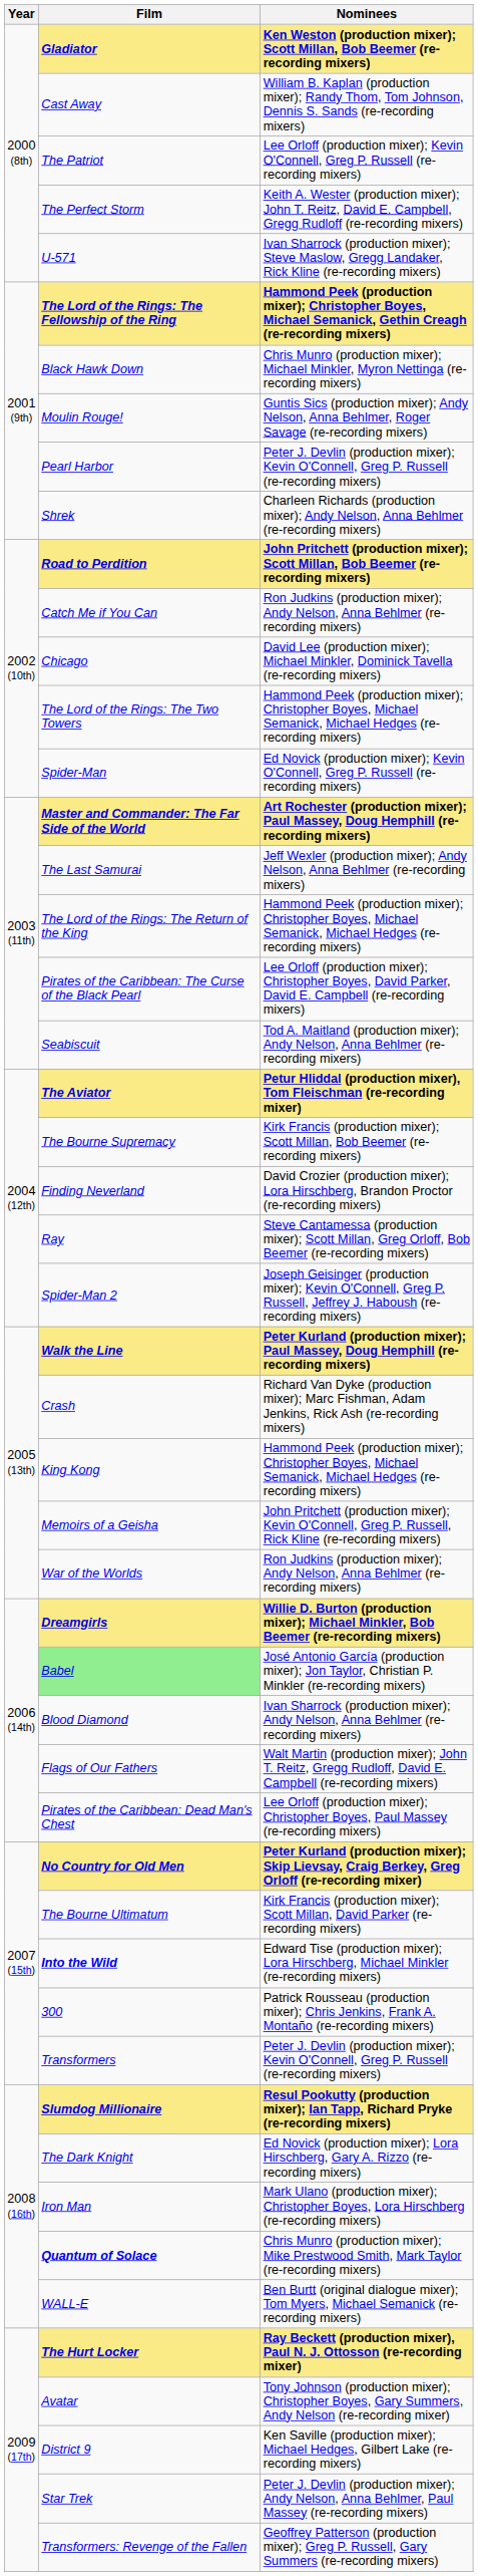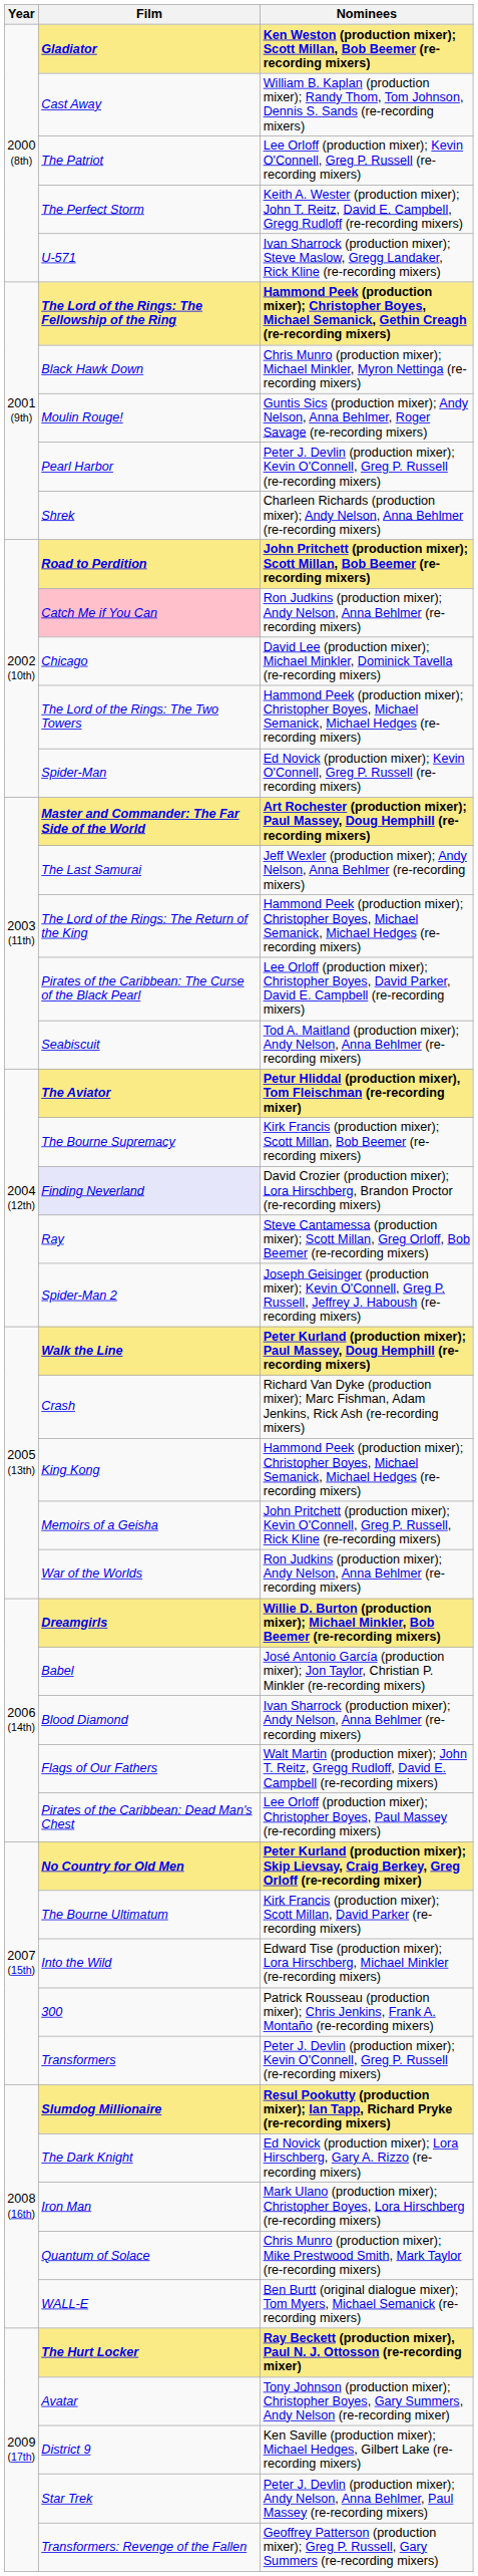 <table class="wikitable" width="95%" cellpadding="5">
 <tr>
 <th width="6%">Year</th>
 <th width="48%">Film</th>
 <th width="48%">Nominees</th>
 </tr>
 <tr>
 <td rowspan="5" style="text-align:center;">2000 <br><small>(8th)</small><br></td>
 <td style="background:#FAEB86;"><strong><em><a href='#'>Gladiator</a></em></strong></td>
 <td style="background:#FAEB86;"><strong><a href='#'>Ken Weston</a> (production mixer); <a href='#'>Scott Millan</a>, <a href='#'>Bob Beemer</a> (re-recording mixers)</strong></td>
 </tr>
 <tr>
 <td><em><a href='#'>Cast Away</a></em></td>
 <td><a href='#'>William B. Kaplan</a> (production mixer); <a href='#'>Randy Thom</a>, <a href='#'>Tom Johnson</a>, <a href='#'>Dennis S. Sands</a> (re-recording mixers)</td>
 </tr>
 <tr>
 <td><em><a href='#'>The Patriot</a></em></td>
 <td><a href='#'>Lee Orloff</a> (production mixer); <a href='#'>Kevin O'Connell</a>, <a href='#'>Greg P. Russell</a> (re-recording mixers)</td>
 </tr>
 <tr>
 <td><em><a href='#'>The Perfect Storm</a></em></td>
 <td><a href='#'>Keith A. Wester</a> (production mixer); <a href='#'>John T. Reitz</a>, <a href='#'>David E. Campbell</a>, <a href='#'>Gregg Rudloff</a> (re-recording mixers)</td>
 </tr>
 <tr>
 <td><em><a href='#'>U-571</a></em></td>
 <td><a href='#'>Ivan Sharrock</a> (production mixer); <a href='#'>Steve Maslow</a>, <a href='#'>Gregg Landaker</a>, <a href='#'>Rick Kline</a> (re-recording mixers)</td>
 </tr>
 <tr>
 <td rowspan="5" style="text-align:center;">2001 <br><small>(9th)</small><br></td>
 <td style="background:#FAEB86;"><strong><em><a href='#'>The Lord of the Rings: The Fellowship of the Ring</a></em></strong></td>
 <td style="background:#FAEB86;"><strong><a href='#'>Hammond Peek</a> (production mixer); <a href='#'>Christopher Boyes</a>, <a href='#'>Michael Semanick</a>, <a href='#'>Gethin Creagh</a> (re-recording mixers)</strong></td>
 </tr>
 <tr>
 <td><em><a href='#'>Black Hawk Down</a></em></td>
 <td><a href='#'>Chris Munro</a> (production mixer); <a href='#'>Michael Minkler</a>, <a href='#'>Myron Nettinga</a> (re-recording mixers)</td>
 </tr>
 <tr>
 <td><em><a href='#'>Moulin Rouge!</a></em></td>
 <td><a href='#'>Guntis Sics</a> (production mixer); <a href='#'>Andy Nelson</a>, <a href='#'>Anna Behlmer</a>, <a href='#'>Roger Savage</a> (re-recording mixers)</td>
 </tr>
 <tr>
 <td><em><a href='#'>Pearl Harbor</a></em></td>
 <td><a href='#'>Peter J. Devlin</a> (production mixer); <a href='#'>Kevin O'Connell</a>, <a href='#'>Greg P. Russell</a> (re-recording mixers)</td>
 </tr>
 <tr>
 <td><em><a href='#'>Shrek</a></em></td>
 <td>Charleen Richards (production mixer); <a href='#'>Andy Nelson</a>, <a href='#'>Anna Behlmer</a> (re-recording mixers)</td>
 </tr>
 <tr>
 <td rowspan="5" style="text-align:center;">2002 <br><small>(10th)</small><br></td>
 <td style="background:#FAEB86;"><strong><em><a href='#'>Road to Perdition</a></em></strong></td>
 <td style="background:#FAEB86;"><strong><a href='#'>John Pritchett</a> (production mixer); <a href='#'>Scott Millan</a>, <a href='#'>Bob Beemer</a> (re-recording mixers)</strong></td>
 </tr>
 <tr>
-<td><em><a href='#'>Catch Me if You Can</a></em></td>
+<td style="background: pink;"><em><a href='#'>Catch Me if You Can</a></em></td>
 <td><a href='#'>Ron Judkins</a> (production mixer); <a href='#'>Andy Nelson</a>, <a href='#'>Anna Behlmer</a> (re-recording mixers)</td>
 </tr>
 <tr>
 <td><em><a href='#'>Chicago</a></em></td>
 <td><a href='#'>David Lee</a> (production mixer); <a href='#'>Michael Minkler</a>, <a href='#'>Dominick Tavella</a> (re-recording mixers)</td>
 </tr>
 <tr>
 <td><em><a href='#'>The Lord of the Rings: The Two Towers</a></em></td>
 <td><a href='#'>Hammond Peek</a> (production mixer); <a href='#'>Christopher Boyes</a>, <a href='#'>Michael Semanick</a>, <a href='#'>Michael Hedges</a> (re-recording mixers)</td>
 </tr>
 <tr>
 <td><em><a href='#'>Spider-Man</a></em></td>
 <td><a href='#'>Ed Novick</a> (production mixer); <a href='#'>Kevin O'Connell</a>, <a href='#'>Greg P. Russell</a> (re-recording mixers)</td>
 </tr>
 <tr>
 <td rowspan="5" style="text-align:center;">2003 <br><small>(11th)</small><br></td>
 <td style="background:#FAEB86;"><strong><em><a href='#'>Master and Commander: The Far Side of the World</a></em></strong></td>
 <td style="background:#FAEB86;"><strong><a href='#'>Art Rochester</a> (production mixer); <a href='#'>Paul Massey</a>, <a href='#'>Doug Hemphill</a> (re-recording mixers)</strong></td>
 </tr>
 <tr>
 <td><em><a href='#'>The Last Samurai</a></em></td>
 <td><a href='#'>Jeff Wexler</a> (production mixer); <a href='#'>Andy Nelson</a>, <a href='#'>Anna Behlmer</a> (re-recording mixers)</td>
 </tr>
 <tr>
 <td><em><a href='#'>The Lord of the Rings: The Return of the King</a></em></td>
 <td><a href='#'>Hammond Peek</a> (production mixer); <a href='#'>Christopher Boyes</a>, <a href='#'>Michael Semanick</a>, <a href='#'>Michael Hedges</a> (re-recording mixers)</td>
 </tr>
 <tr>
 <td><em><a href='#'>Pirates of the Caribbean: The Curse of the Black Pearl</a></em></td>
 <td><a href='#'>Lee Orloff</a> (production mixer); <a href='#'>Christopher Boyes</a>, <a href='#'>David Parker</a>, <a href='#'>David E. Campbell</a> (re-recording mixers)</td>
 </tr>
 <tr>
 <td><em><a href='#'>Seabiscuit</a></em></td>
 <td><a href='#'>Tod A. Maitland</a> (production mixer); <a href='#'>Andy Nelson</a>, <a href='#'>Anna Behlmer</a> (re-recording mixers)</td>
 </tr>
 <tr>
 <td rowspan="5" style="text-align:center;">2004 <br><small>(12th)</small><br></td>
 <td style="background:#FAEB86;"><strong><em><a href='#'>The Aviator</a></em></strong></td>
 <td style="background:#FAEB86;"><strong><a href='#'>Petur Hliddal</a> (production mixer), <a href='#'>Tom Fleischman</a> (re-recording mixer)</strong></td>
 </tr>
 <tr>
 <td><em><a href='#'>The Bourne Supremacy</a></em></td>
 <td><a href='#'>Kirk Francis</a> (production mixer); <a href='#'>Scott Millan</a>, <a href='#'>Bob Beemer</a> (re-recording mixers)</td>
 </tr>
 <tr>
-<td><em><a href='#'>Finding Neverland</a></em></td>
+<td style="background: lavender;"><em><a href='#'>Finding Neverland</a></em></td>
 <td>David Crozier (production mixer); <a href='#'>Lora Hirschberg</a>, Brandon Proctor (re-recording mixers)</td>
 </tr>
 <tr>
 <td><em><a href='#'>Ray</a></em></td>
 <td><a href='#'>Steve Cantamessa</a> (production mixer); <a href='#'>Scott Millan</a>, <a href='#'>Greg Orloff</a>, <a href='#'>Bob Beemer</a> (re-recording mixers)</td>
 </tr>
 <tr>
 <td><em><a href='#'>Spider-Man 2</a></em></td>
 <td><a href='#'>Joseph Geisinger</a> (production mixer); <a href='#'>Kevin O'Connell</a>, <a href='#'>Greg P. Russell</a>, <a href='#'>Jeffrey J. Haboush</a> (re-recording mixers)</td>
 </tr>
 <tr>
 <td rowspan="5" style="text-align:center;">2005 <br><small>(13th)</small><br></td>
 <td style="background:#FAEB86;"><strong><em><a href='#'>Walk the Line</a></em></strong></td>
 <td style="background:#FAEB86;"><strong><a href='#'>Peter Kurland</a> (production mixer); <a href='#'>Paul Massey</a>, <a href='#'>Doug Hemphill</a> (re-recording mixers)</strong></td>
 </tr>
 <tr>
 <td><em><a href='#'>Crash</a></em></td>
 <td>Richard Van Dyke (production mixer); Marc Fishman, Adam Jenkins, Rick Ash (re-recording mixers)</td>
 </tr>
 <tr>
 <td><em><a href='#'>King Kong</a></em></td>
 <td><a href='#'>Hammond Peek</a> (production mixer); <a href='#'>Christopher Boyes</a>, <a href='#'>Michael Semanick</a>, <a href='#'>Michael Hedges</a> (re-recording mixers)</td>
 </tr>
 <tr>
 <td><em><a href='#'>Memoirs of a Geisha</a></em></td>
 <td><a href='#'>John Pritchett</a> (production mixer); <a href='#'>Kevin O'Connell</a>, <a href='#'>Greg P. Russell</a>, <a href='#'>Rick Kline</a> (re-recording mixers)</td>
 </tr>
 <tr>
 <td><em><a href='#'>War of the Worlds</a></em></td>
 <td><a href='#'>Ron Judkins</a> (production mixer); <a href='#'>Andy Nelson</a>, <a href='#'>Anna Behlmer</a> (re-recording mixers)</td>
 </tr>
 <tr>
 <td rowspan="5" style="text-align:center;">2006 <br><small>(14th)</small><br></td>
 <td style="background:#FAEB86;"><strong><em><a href='#'>Dreamgirls</a></em></strong></td>
 <td style="background:#FAEB86;"><strong><a href='#'>Willie D. Burton</a> (production mixer); <a href='#'>Michael Minkler</a>, <a href='#'>Bob Beemer</a> (re-recording mixers)</strong></td>
 </tr>
 <tr>
-<td style="background: lightgreen;"><em><a href='#'>Babel</a></em></td>
+<td><em><a href='#'>Babel</a></em></td>
 <td><a href='#'>José Antonio García</a> (production mixer); <a href='#'>Jon Taylor</a>, Christian P. Minkler (re-recording mixers)</td>
 </tr>
 <tr>
 <td><em><a href='#'>Blood Diamond</a></em></td>
 <td><a href='#'>Ivan Sharrock</a> (production mixer); <a href='#'>Andy Nelson</a>, <a href='#'>Anna Behlmer</a> (re-recording mixers)</td>
 </tr>
 <tr>
 <td><em><a href='#'>Flags of Our Fathers</a></em></td>
 <td><a href='#'>Walt Martin</a> (production mixer); <a href='#'>John T. Reitz</a>, <a href='#'>Gregg Rudloff</a>, <a href='#'>David E. Campbell</a> (re-recording mixers)</td>
 </tr>
 <tr>
 <td><em><a href='#'>Pirates of the Caribbean: Dead Man's Chest</a></em></td>
 <td><a href='#'>Lee Orloff</a> (production mixer); <a href='#'>Christopher Boyes</a>, <a href='#'>Paul Massey</a> (re-recording mixers)</td>
 </tr>
 <tr>
 <td rowspan="5" style="text-align:center;">2007 <br><small>(<a href='#'>15th</a>)</small><br></td>
 <td style="background:#FAEB86;"><strong><em><a href='#'>No Country for Old Men</a></em></strong></td>
 <td style="background:#FAEB86;"><strong><a href='#'>Peter Kurland</a> (production mixer); <a href='#'>Skip Lievsay</a>, <a href='#'>Craig Berkey</a>, <a href='#'>Greg Orloff</a> (re-recording mixer)</strong></td>
 </tr>
 <tr>
 <td><em><a href='#'>The Bourne Ultimatum</a></em></td>
 <td><a href='#'>Kirk Francis</a> (production mixer); <a href='#'>Scott Millan</a>, <a href='#'>David Parker</a> (re-recording mixers)</td>
 </tr>
 <tr>
-<td><strong><em><a href='#'>Into the Wild</a></em></strong></td>
+<td><em><a href='#'>Into the Wild</a></em></td>
 <td>Edward Tise (production mixer); <a href='#'>Lora Hirschberg</a>, <a href='#'>Michael Minkler</a> (re-recording mixers)</td>
 </tr>
 <tr>
 <td><em><a href='#'>300</a></em></td>
 <td>Patrick Rousseau (production mixer); <a href='#'>Chris Jenkins</a>, <a href='#'>Frank A. Montaño</a> (re-recording mixers)</td>
 </tr>
 <tr>
 <td><em><a href='#'>Transformers</a></em></td>
 <td><a href='#'>Peter J. Devlin</a> (production mixer); <a href='#'>Kevin O'Connell</a>, <a href='#'>Greg P. Russell</a> (re-recording mixers)</td>
 </tr>
 <tr>
 <td rowspan="5" style="text-align:center;">2008 <br><small>(<a href='#'>16th</a>)</small><br></td>
 <td style="background:#FAEB86;"><strong><em><a href='#'>Slumdog Millionaire</a></em></strong></td>
 <td style="background:#FAEB86;"><strong><a href='#'>Resul Pookutty</a> (production mixer); <a href='#'>Ian Tapp</a>, Richard Pryke (re-recording mixers)</strong></td>
 </tr>
 <tr>
 <td><em><a href='#'>The Dark Knight</a></em></td>
 <td><a href='#'>Ed Novick</a> (production mixer); <a href='#'>Lora Hirschberg</a>, <a href='#'>Gary A. Rizzo</a> (re-recording mixers)</td>
 </tr>
 <tr>
 <td><em><a href='#'>Iron Man</a></em></td>
 <td><a href='#'>Mark Ulano</a> (production mixer); <a href='#'>Christopher Boyes</a>, <a href='#'>Lora Hirschberg</a> (re-recording mixers)</td>
 </tr>
 <tr>
-<td><strong><em><a href='#'>Quantum of Solace</a></em></strong></td>
+<td><em><a href='#'>Quantum of Solace</a></em></td>
 <td><a href='#'>Chris Munro</a> (production mixer); <a href='#'>Mike Prestwood Smith</a>, <a href='#'>Mark Taylor</a> (re-recording mixers)</td>
 </tr>
 <tr>
 <td><em><a href='#'>WALL-E</a></em></td>
 <td><a href='#'>Ben Burtt</a> (original dialogue mixer); <a href='#'>Tom Myers</a>, <a href='#'>Michael Semanick</a> (re-recording mixers)</td>
 </tr>
 <tr>
 <td rowspan="5" style="text-align:center;">2009 <br><small>(<a href='#'>17th</a>)</small><br></td>
 <td style="background:#FAEB86;"><strong><em><a href='#'>The Hurt Locker</a></em></strong></td>
 <td style="background:#FAEB86;"><strong><a href='#'>Ray Beckett</a> (production mixer), <a href='#'>Paul N. J. Ottosson</a> (re-recording mixer)</strong></td>
 </tr>
 <tr>
 <td><em><a href='#'>Avatar</a></em></td>
 <td><a href='#'>Tony Johnson</a> (production mixer); <a href='#'>Christopher Boyes</a>, <a href='#'>Gary Summers</a>, <a href='#'>Andy Nelson</a> (re-recording mixer)</td>
 </tr>
 <tr>
 <td><em><a href='#'>District 9</a></em></td>
 <td>Ken Saville (production mixer); <a href='#'>Michael Hedges</a>, Gilbert Lake (re-recording mixers)</td>
 </tr>
 <tr>
 <td><em><a href='#'>Star Trek</a></em></td>
 <td><a href='#'>Peter J. Devlin</a> (production mixer); <a href='#'>Andy Nelson</a>, <a href='#'>Anna Behlmer</a>, <a href='#'>Paul Massey</a> (re-recording mixers)</td>
 </tr>
 <tr>
 <td><em><a href='#'>Transformers: Revenge of the Fallen</a></em></td>
 <td><a href='#'>Geoffrey Patterson</a> (production mixer); <a href='#'>Greg P. Russell</a>, <a href='#'>Gary Summers</a> (re-recording mixers)</td>
 </tr>
 </table>
